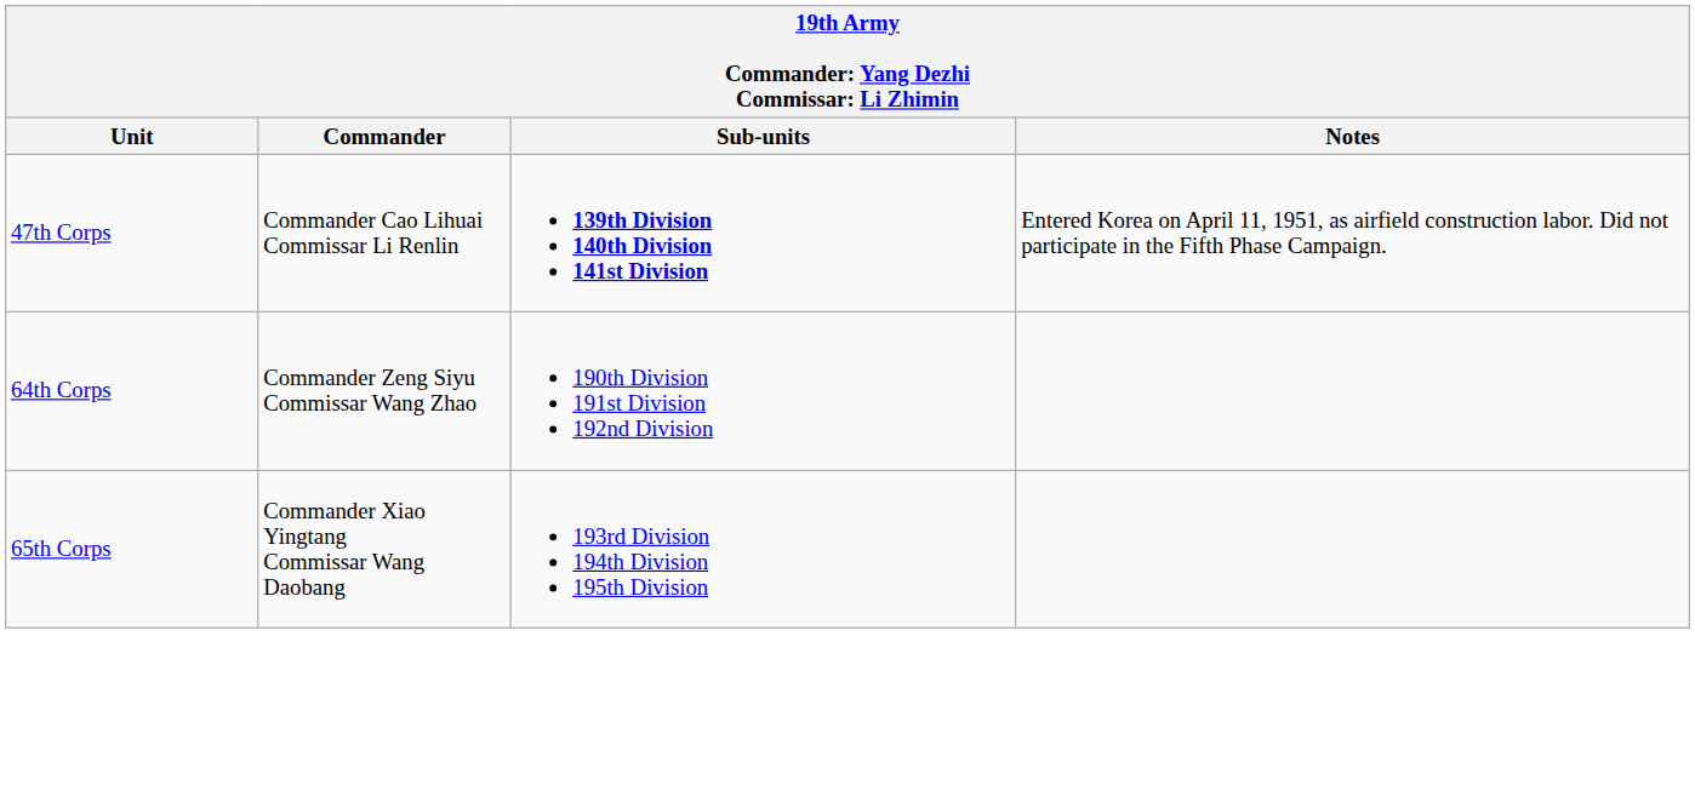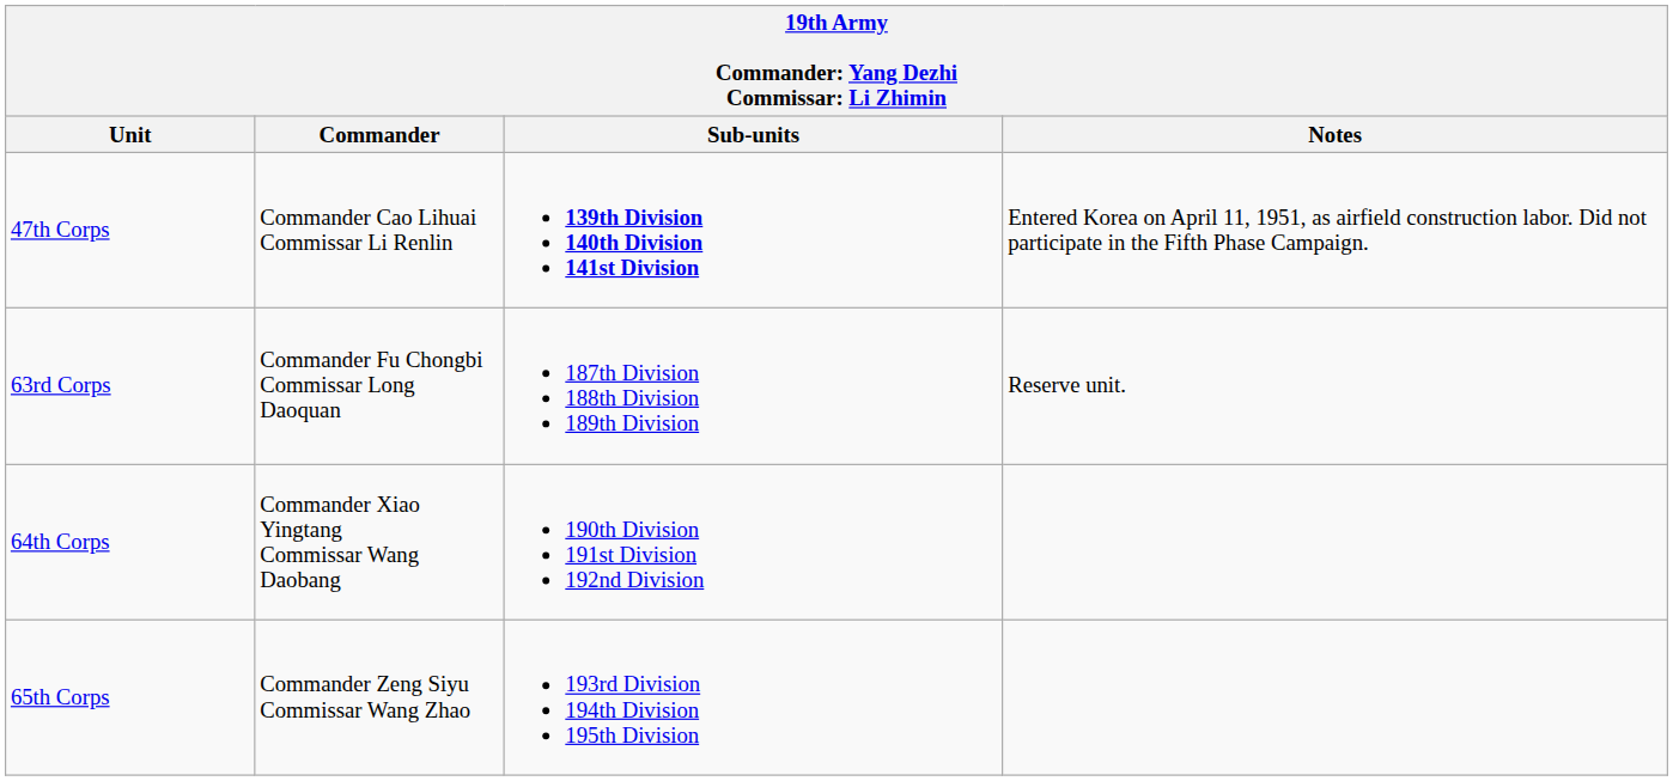 <table class="wikitable" style="width: 75%">
 <tr>
 <th colspan="4" align= center> <a href='#'>19th Army</a><br><br>Commander: <a href='#'>Yang Dezhi</a><br> Commissar: <a href='#'>Li Zhimin</a></th>
 </tr>
 <tr>
 <th width=15%; align= center>Unit</th>
 <th width=15%; align= center>Commander</th>
 <th width=30%; align= center>Sub-units</th>
 <th width=40%; align= center>Notes</th>
 </tr>
 <tr>
 <td><a href='#'>47th Corps</a></td>
 <td>Commander Cao Lihuai<br>Commissar Li Renlin</td>
 <td><strong><br><ul><li><a href='#'>139th Division</a></li><li><a href='#'>140th Division</a></li><li><a href='#'>141st Division</a></li></ul></strong></td>
 <td>Entered Korea on April 11, 1951, as airfield construction labor. Did not participate in the Fifth Phase Campaign.</td>
 </tr>
 <tr>
+<td><a href='#'>63rd Corps</a></td>
+<td>Commander Fu Chongbi<br>Commissar Long Daoquan</td>
+<td><br><ul><li><a href='#'>187th Division</a></li><li><a href='#'>188th Division</a></li><li><a href='#'>189th Division</a></li></ul></td>
+<td>Reserve unit.</td>
+</tr>
+<tr>
 <td><a href='#'>64th Corps</a></td>
-<td>Commander Zeng Siyu<br>Commissar Wang Zhao</td>
+<td>Commander Xiao Yingtang<br>Commissar Wang Daobang</td>
 <td><br><ul><li><a href='#'>190th Division</a></li><li><a href='#'>191st Division</a></li><li><a href='#'>192nd Division</a></li></ul></td>
 <td></td>
 </tr>
 <tr>
 <td><a href='#'>65th Corps</a></td>
-<td>Commander Xiao Yingtang<br>Commissar Wang Daobang</td>
+<td>Commander Zeng Siyu<br>Commissar Wang Zhao</td>
 <td><br><ul><li><a href='#'>193rd Division</a></li><li><a href='#'>194th Division</a></li><li><a href='#'>195th Division</a></li></ul></td>
 <td></td>
 </tr>
 </table>
